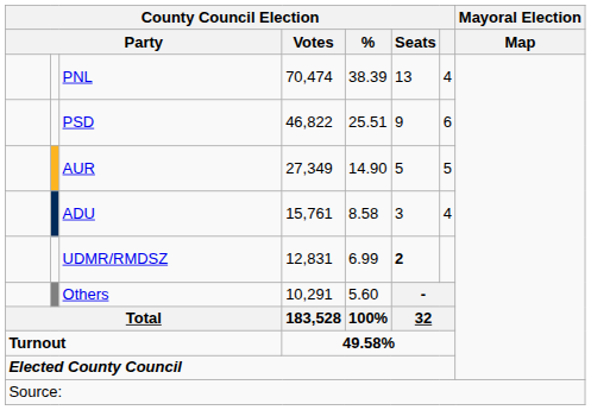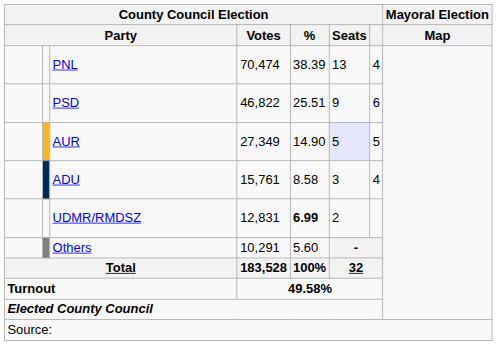 <table class="wikitable" style="text-align:left">
 <tr>
 <th colspan="7">County Council Election</th>
 <th>Mayoral Election</th>
 </tr>
 <tr>
 <th colspan="3" width="280">Party</th>
 <th>Votes</th>
 <th>%</th>
 <th>Seats</th>
 <th></th>
 <th>Map</th>
 </tr>
 <tr>
 <td width="40" height="40"></td>
 <td width="1" style="color:inherit;background:"></td>
 <td align="left"><a href='#'>PNL</a></td>
 <td>70,474</td>
 <td>38.39</td>
 <td>13</td>
 <td>4</td>
 <td rowspan="9"></td>
 </tr>
 <tr>
 <td height="40"></td>
 <td style="color:inherit;background:"></td>
 <td align="left"><a href='#'>PSD</a></td>
 <td>46,822</td>
 <td>25.51</td>
 <td>9</td>
 <td>6</td>
 </tr>
 <tr>
 <td height="40"></td>
 <td style="background:#FCB521;"></td>
 <td><a href='#'>AUR</a></td>
 <td>27,349</td>
 <td>14.90</td>
-<td>5</td>
+<td style="background: lavender;">5</td>
 <td>5</td>
 </tr>
 <tr>
 <td height="40"></td>
 <td style="background:#002A59;"></td>
 <td align="left"><a href='#'>ADU</a></td>
 <td>15,761</td>
 <td>8.58</td>
 <td>3</td>
 <td>4</td>
 </tr>
 <tr>
 <td height="40"></td>
 <td style="color:inherit;background:"></td>
 <td><a href='#'>UDMR/RMDSZ</a></td>
 <td>12,831</td>
-<td>6.99</td>
-<td><strong>2</strong></td>
+<td><strong>6.99</strong></td>
+<td>2</td>
 <td></td>
 </tr>
 <tr>
 <td></td>
 <td style="background-color:Grey "></td>
 <td align="left"><a href='#'>Others</a></td>
 <td>10,291</td>
 <td>5.60</td>
 <th colspan="2">-</th>
 </tr>
 <tr>
 <th colspan="3"><strong><u>Total</u></strong></th>
 <th style="text-align: left">183,528</th>
 <th style="text-align: left">100%</th>
 <th colspan="2"><strong><u>32</u></strong></th>
 </tr>
 <tr>
 <td colspan="3"><strong>Turnout</strong></td>
 <td style="text-align: center" colspan="4"><strong>49.58%</strong></td>
 </tr>
 <tr>
 <td colspan="7"><strong><em>Elected County Council</em></strong></td>
 </tr>
 <tr>
 <td colspan="8">Source: </td>
 </tr>
 </table>
